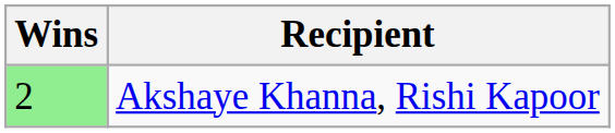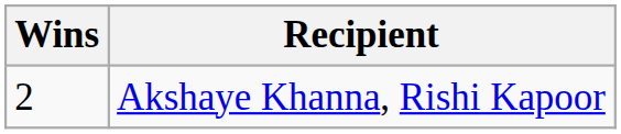 <table class="wikitable">
 <tr>
 <th>Wins</th>
 <th>Recipient</th>
 </tr>
 <tr>
-<td style="background: lightgreen;">2</td>
+<td>2</td>
 <td><a href='#'>Akshaye Khanna</a>, <a href='#'>Rishi Kapoor</a></td>
 </tr>
 </table>
